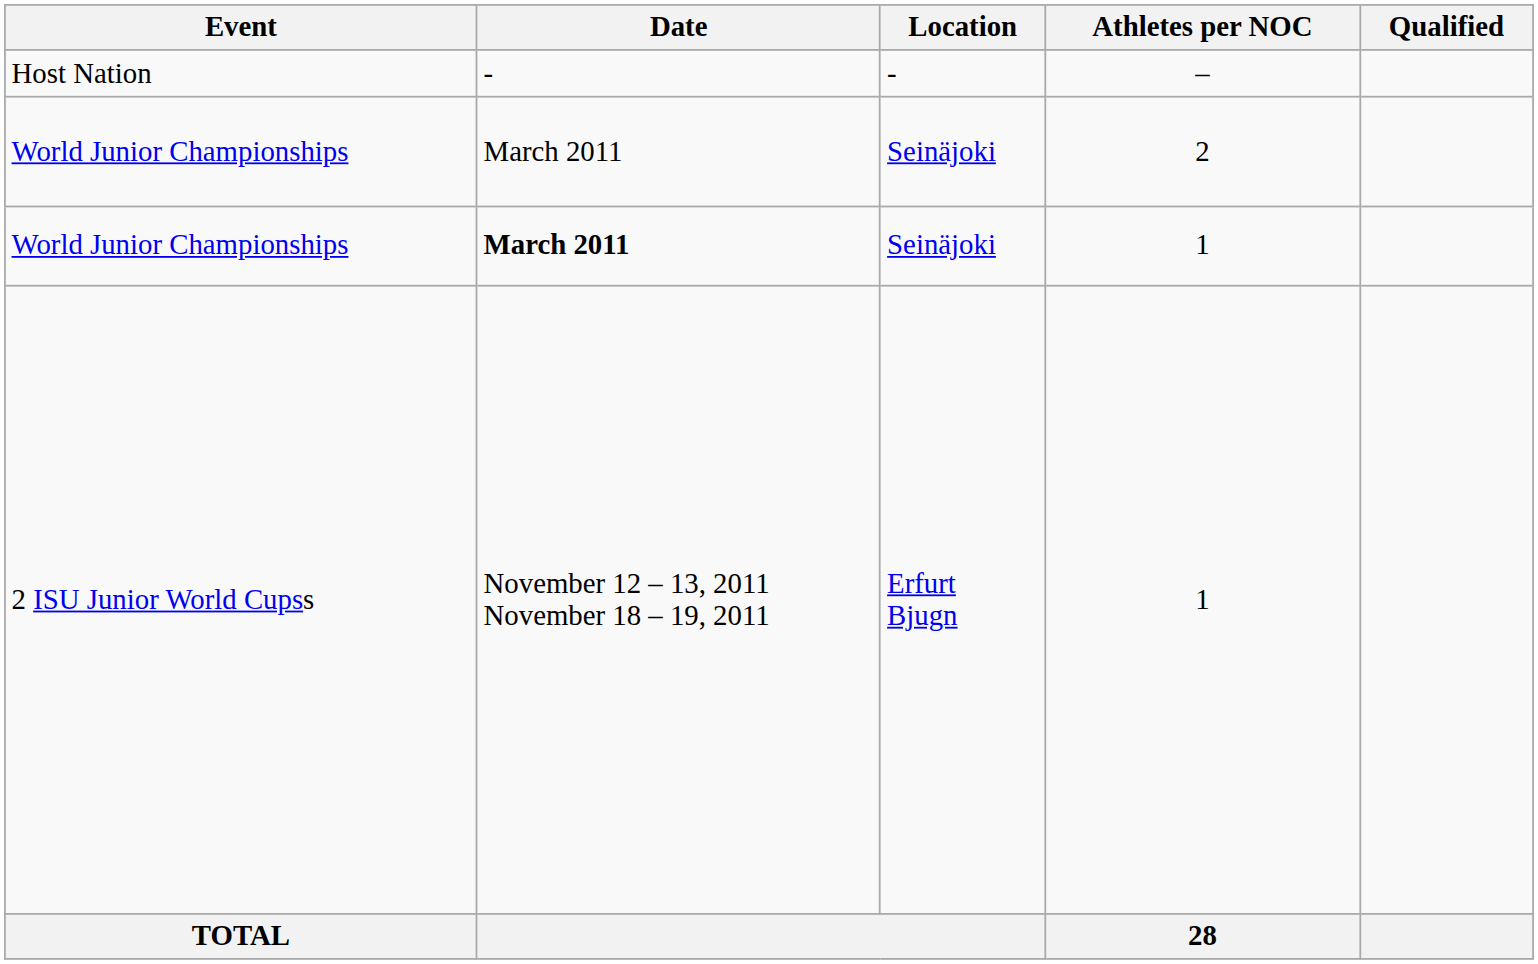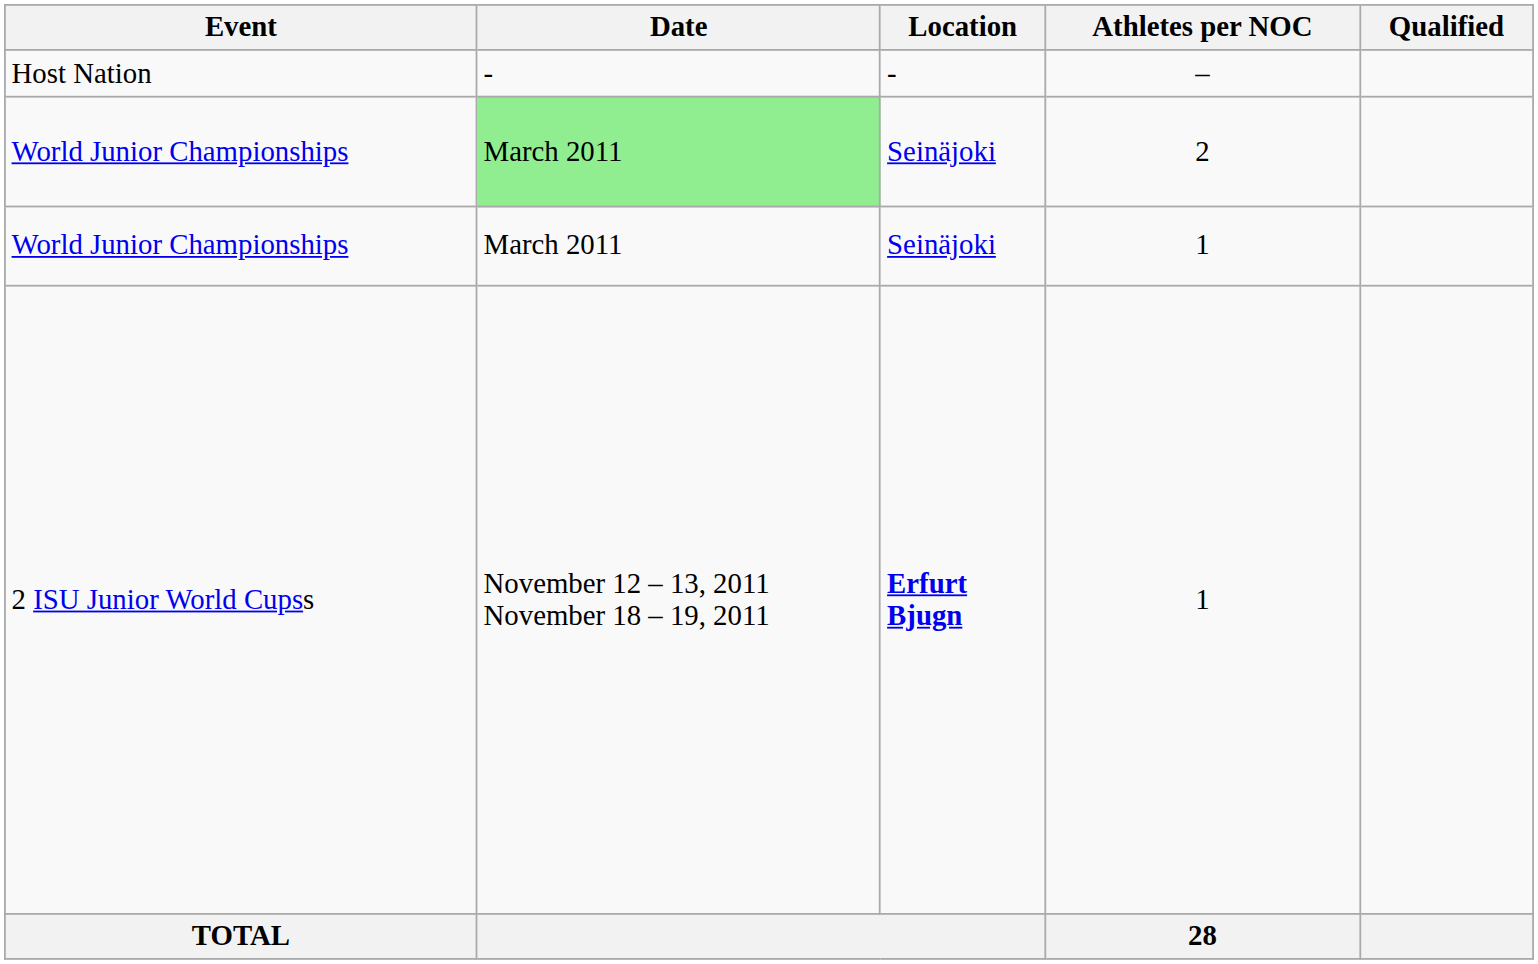 <table class="wikitable" width=850>
 <tr>
 <th>Event</th>
 <th>Date</th>
 <th>Location</th>
 <th>Athletes per NOC</th>
 <th>Qualified</th>
 </tr>
 <tr>
 <td>Host Nation</td>
 <td>-</td>
 <td>-</td>
 <td align=center>–</td>
 <td><s></s></td>
 </tr>
 <tr>
 <td><a href='#'>World Junior Championships</a></td>
-<td>March 2011</td>
+<td style="background: lightgreen;">March 2011</td>
 <td> <a href='#'>Seinäjoki</a></td>
 <td align=center>2</td>
 <td><br><br><br></td>
 </tr>
 <tr>
 <td><a href='#'>World Junior Championships</a></td>
-<td><strong>March 2011</strong></td>
+<td>March 2011</td>
 <td> <a href='#'>Seinäjoki</a></td>
 <td align=center>1</td>
 <td><br><s></s><br></td>
 </tr>
 <tr>
 <td>2 <a href='#'>ISU Junior World Cups</a>s</td>
 <td>November 12 – 13, 2011<br>November 18 – 19, 2011</td>
-<td> <a href='#'>Erfurt</a><br> <a href='#'>Bjugn</a></td>
+<td><strong> <a href='#'>Erfurt</a><br> <a href='#'>Bjugn</a></strong></td>
 <td align=center>1</td>
 <td><br><br><br><br><br><s></s><br><br><br><br><br><br><br><br><br><br><br><br><br><s></s><br></td>
 </tr>
 <tr>
 <th>TOTAL</th>
 <th colspan="2"></th>
 <th>28</th>
 <th></th>
 </tr>
 </table>
